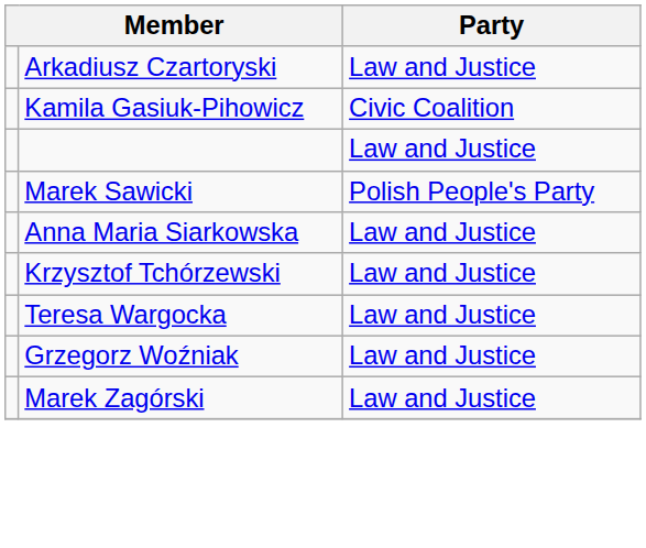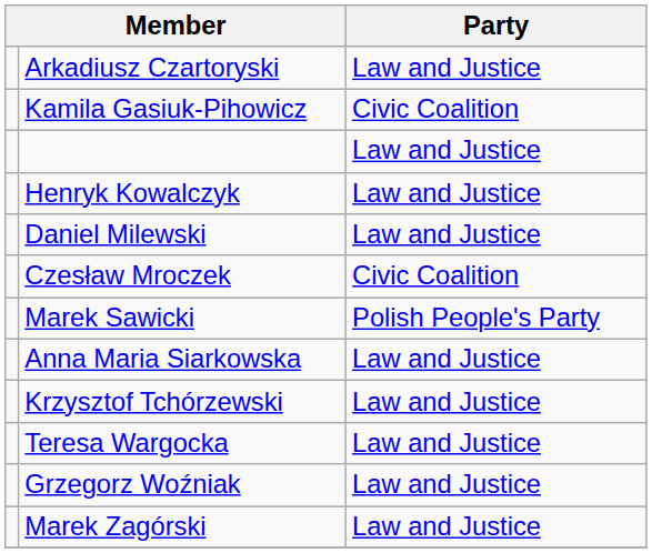 <table class="wikitable">
 <tr>
 <th width=200px colspan=2>Member</th>
 <th width=175px>Party</th>
 </tr>
 <tr>
 <td style="background-color: "></td>
 <td><a href='#'>Arkadiusz Czartoryski</a></td>
 <td><a href='#'>Law and Justice</a></td>
 </tr>
 <tr>
 <td style="background-color: "></td>
 <td><a href='#'>Kamila Gasiuk-Pihowicz</a></td>
 <td><a href='#'>Civic Coalition</a></td>
 </tr>
 <tr>
 <td style="background-color: "></td>
 <td></td>
 <td><a href='#'>Law and Justice</a></td>
+</tr>
+<tr>
+<td style="background-color: "></td>
+<td><a href='#'>Henryk Kowalczyk</a></td>
+<td><a href='#'>Law and Justice</a></td>
+</tr>
+<tr>
+<td style="background-color: "></td>
+<td><a href='#'>Daniel Milewski</a></td>
+<td><a href='#'>Law and Justice</a></td>
+</tr>
+<tr>
+<td style="background-color: "></td>
+<td><a href='#'>Czesław Mroczek</a></td>
+<td><a href='#'>Civic Coalition</a></td>
 </tr>
 <tr>
 <td style="background-color: "></td>
 <td><a href='#'>Marek Sawicki</a></td>
 <td><a href='#'>Polish People's Party</a></td>
 </tr>
 <tr>
 <td style="background-color: "></td>
 <td><a href='#'>Anna Maria Siarkowska</a></td>
 <td><a href='#'>Law and Justice</a></td>
 </tr>
 <tr>
 <td style="background-color: "></td>
 <td><a href='#'>Krzysztof Tchórzewski</a></td>
 <td><a href='#'>Law and Justice</a></td>
 </tr>
 <tr>
 <td style="background-color: "></td>
 <td><a href='#'>Teresa Wargocka</a></td>
 <td><a href='#'>Law and Justice</a></td>
 </tr>
 <tr>
 <td style="background-color: "></td>
 <td><a href='#'>Grzegorz Woźniak</a></td>
 <td><a href='#'>Law and Justice</a></td>
 </tr>
 <tr>
 <td style="background-color: "></td>
 <td><a href='#'>Marek Zagórski</a></td>
 <td><a href='#'>Law and Justice</a></td>
 </tr>
 <tr>
 </tr>
 </table>
